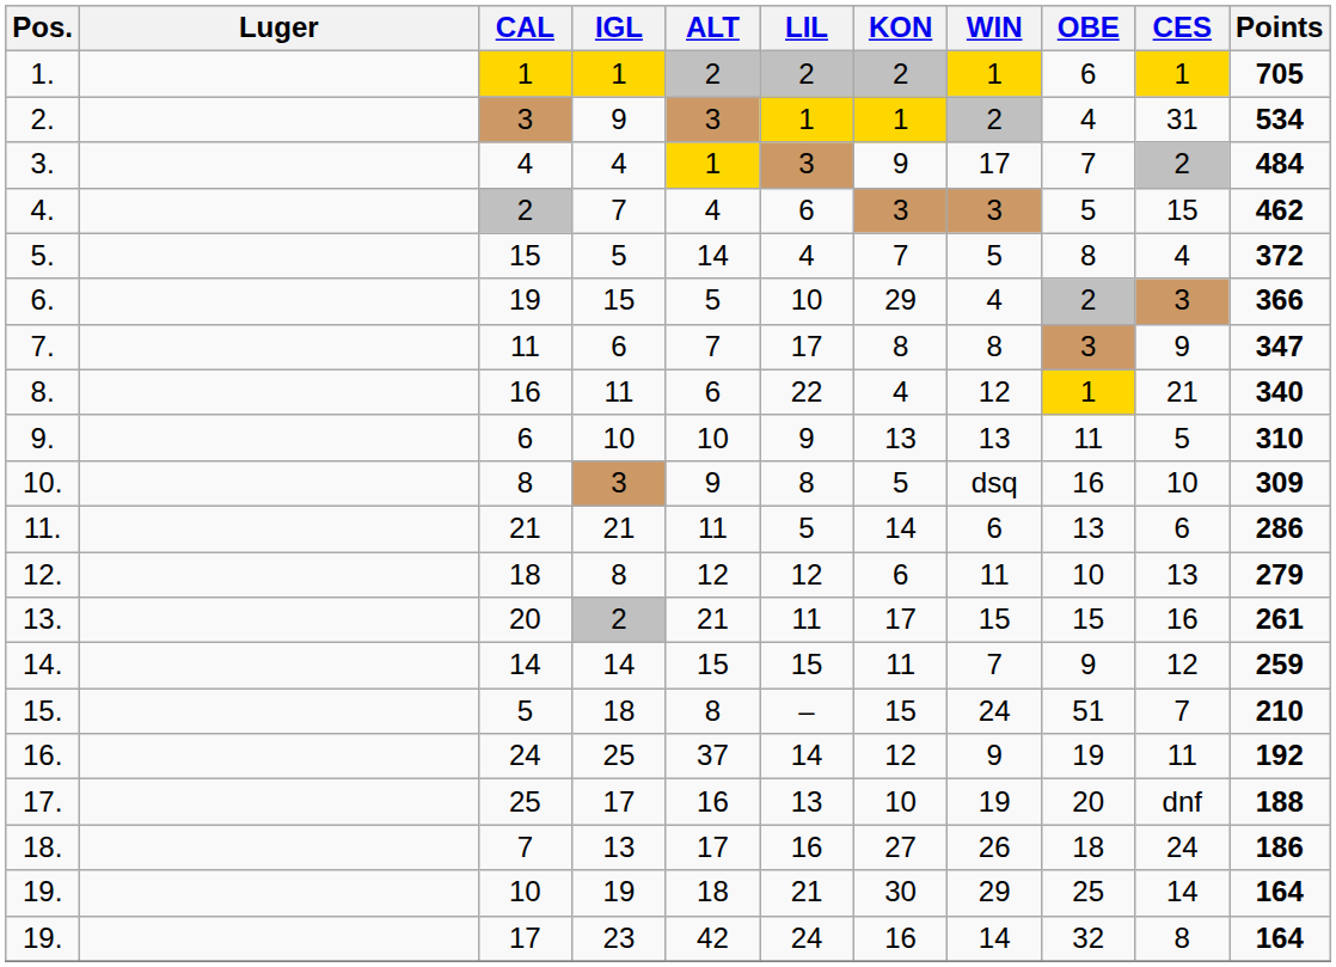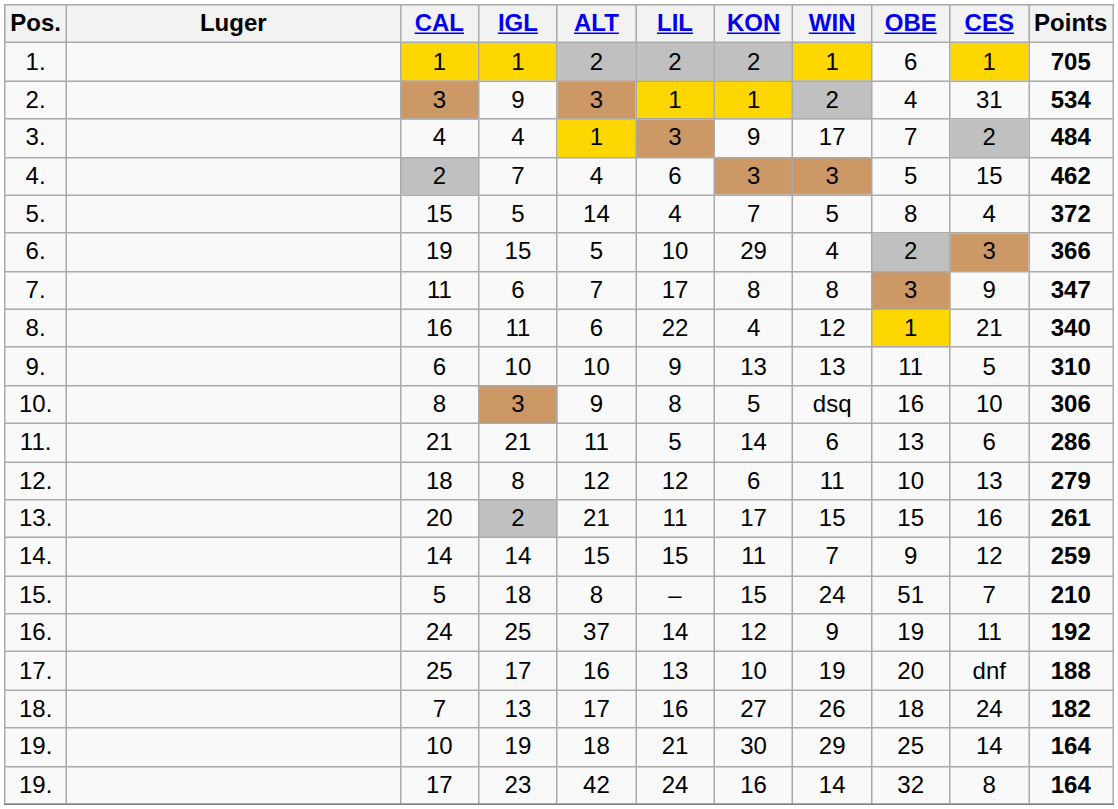 <table class=wikitable  bgcolor="#f7f8ff" cellpadding="3" cellspacing="0" border="1" style="text-align:center; border: gray solid 1px; border-collapse: collapse;">
 <tr bgcolor="#CCCCCC">
 <th width="10">Pos.</th>
 <th width="215">Luger</th>
 <th width="45"><a href='#'>CAL</a></th>
 <th width="45"><a href='#'>IGL</a></th>
 <th width="45"><a href='#'>ALT</a></th>
 <th width="45"><a href='#'>LIL</a></th>
 <th width="45"><a href='#'>KON</a></th>
 <th width="45"><a href='#'>WIN</a></th>
 <th width="45"><a href='#'>OBE</a></th>
 <th width="45"><a href='#'>CES</a></th>
 <th width="45">Points</th>
 </tr>
 <tr>
 <td>1.</td>
 <td align="left"></td>
 <td bgcolor="gold">1</td>
 <td bgcolor="gold">1</td>
 <td bgcolor="silver">2</td>
 <td bgcolor="silver">2</td>
 <td bgcolor="silver">2</td>
 <td bgcolor="gold">1</td>
 <td>6</td>
 <td bgcolor="gold">1</td>
 <td><strong>705</strong></td>
 </tr>
 <tr>
 <td>2.</td>
 <td align="left"></td>
 <td bgcolor="cc9966">3</td>
 <td>9</td>
 <td bgcolor="cc9966">3</td>
 <td bgcolor="gold">1</td>
 <td bgcolor="gold">1</td>
 <td bgcolor="silver">2</td>
 <td>4</td>
 <td>31</td>
 <td><strong>534</strong></td>
 </tr>
 <tr>
 <td>3.</td>
 <td align="left"></td>
 <td>4</td>
 <td>4</td>
 <td bgcolor="gold">1</td>
 <td bgcolor="cc9966">3</td>
 <td>9</td>
 <td>17</td>
 <td>7</td>
 <td bgcolor="silver">2</td>
 <td><strong>484</strong></td>
 </tr>
 <tr>
 <td>4.</td>
 <td align="left"></td>
 <td bgcolor="silver">2</td>
 <td>7</td>
 <td>4</td>
 <td>6</td>
 <td bgcolor="cc9966">3</td>
 <td bgcolor="cc9966">3</td>
 <td>5</td>
 <td>15</td>
 <td><strong>462</strong></td>
 </tr>
 <tr>
 <td>5.</td>
 <td align="left"></td>
 <td>15</td>
 <td>5</td>
 <td>14</td>
 <td>4</td>
 <td>7</td>
 <td>5</td>
 <td>8</td>
 <td>4</td>
 <td><strong>372</strong></td>
 </tr>
 <tr>
 <td>6.</td>
 <td align="left"></td>
 <td>19</td>
 <td>15</td>
 <td>5</td>
 <td>10</td>
 <td>29</td>
 <td>4</td>
 <td bgcolor="silver">2</td>
 <td bgcolor="cc9966">3</td>
 <td><strong>366</strong></td>
 </tr>
 <tr>
 <td>7.</td>
 <td align="left"></td>
 <td>11</td>
 <td>6</td>
 <td>7</td>
 <td>17</td>
 <td>8</td>
 <td>8</td>
 <td bgcolor="cc9966">3</td>
 <td>9</td>
 <td><strong>347</strong></td>
 </tr>
 <tr>
 <td>8.</td>
 <td align="left"></td>
 <td>16</td>
 <td>11</td>
 <td>6</td>
 <td>22</td>
 <td>4</td>
 <td>12</td>
 <td bgcolor="gold">1</td>
 <td>21</td>
 <td><strong>340</strong></td>
 </tr>
 <tr>
 <td>9.</td>
 <td align="left"></td>
 <td>6</td>
 <td>10</td>
 <td>10</td>
 <td>9</td>
 <td>13</td>
 <td>13</td>
 <td>11</td>
 <td>5</td>
 <td><strong>310</strong></td>
 </tr>
 <tr>
 <td>10.</td>
 <td align="left"></td>
 <td>8</td>
 <td bgcolor="cc9966">3</td>
 <td>9</td>
 <td>8</td>
 <td>5</td>
 <td>dsq</td>
 <td>16</td>
 <td>10</td>
-<td><strong>309</strong></td>
+<td><strong>306</strong></td>
 </tr>
 <tr>
 <td>11.</td>
 <td align="left"></td>
 <td>21</td>
 <td>21</td>
 <td>11</td>
 <td>5</td>
 <td>14</td>
 <td>6</td>
 <td>13</td>
 <td>6</td>
 <td><strong>286</strong></td>
 </tr>
 <tr>
 <td>12.</td>
 <td align="left"></td>
 <td>18</td>
 <td>8</td>
 <td>12</td>
 <td>12</td>
 <td>6</td>
 <td>11</td>
 <td>10</td>
 <td>13</td>
 <td><strong>279</strong></td>
 </tr>
 <tr>
 <td>13.</td>
 <td align="left"></td>
 <td>20</td>
 <td bgcolor="silver">2</td>
 <td>21</td>
 <td>11</td>
 <td>17</td>
 <td>15</td>
 <td>15</td>
 <td>16</td>
 <td><strong>261</strong></td>
 </tr>
 <tr>
 <td>14.</td>
 <td align="left"></td>
 <td>14</td>
 <td>14</td>
 <td>15</td>
 <td>15</td>
 <td>11</td>
 <td>7</td>
 <td>9</td>
 <td>12</td>
 <td><strong>259</strong></td>
 </tr>
 <tr>
 <td>15.</td>
 <td align="left"></td>
 <td>5</td>
 <td>18</td>
 <td>8</td>
 <td>–</td>
 <td>15</td>
 <td>24</td>
 <td>51</td>
 <td>7</td>
 <td><strong>210</strong></td>
 </tr>
 <tr>
 <td>16.</td>
 <td align="left"></td>
 <td>24</td>
 <td>25</td>
 <td>37</td>
 <td>14</td>
 <td>12</td>
 <td>9</td>
 <td>19</td>
 <td>11</td>
 <td><strong>192</strong></td>
 </tr>
 <tr>
 <td>17.</td>
 <td align="left"></td>
 <td>25</td>
 <td>17</td>
 <td>16</td>
 <td>13</td>
 <td>10</td>
 <td>19</td>
 <td>20</td>
 <td>dnf</td>
 <td><strong>188</strong></td>
 </tr>
 <tr>
 <td>18.</td>
 <td align="left"></td>
 <td>7</td>
 <td>13</td>
 <td>17</td>
 <td>16</td>
 <td>27</td>
 <td>26</td>
 <td>18</td>
 <td>24</td>
-<td><strong>186</strong></td>
+<td><strong>182</strong></td>
 </tr>
 <tr>
 <td>19.</td>
 <td align="left"></td>
 <td>10</td>
 <td>19</td>
 <td>18</td>
 <td>21</td>
 <td>30</td>
 <td>29</td>
 <td>25</td>
 <td>14</td>
 <td><strong>164</strong></td>
 </tr>
 <tr>
 <td>19.</td>
 <td align="left"></td>
 <td>17</td>
 <td>23</td>
 <td>42</td>
 <td>24</td>
 <td>16</td>
 <td>14</td>
 <td>32</td>
 <td>8</td>
 <td><strong>164</strong></td>
 </tr>
 <tr>
 </tr>
 </table>
